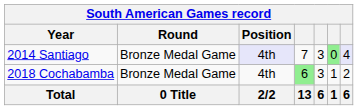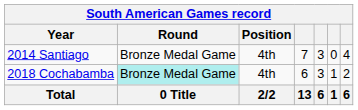 <table class="wikitable" style="text-align: center;">
 <tr>
 <th colspan=10><a href='#'>South American Games record</a></th>
 </tr>
 <tr>
 <th>Year</th>
 <th>Round</th>
 <th>Position</th>
 <th></th>
 <th></th>
 <th></th>
 <th></th>
 </tr>
 <tr>
 <td align=left> <a href='#'>2014 Santiago</a></td>
 <td>Bronze Medal Game</td>
-<td style="background: lavender;">4th</td>
+<td>4th</td>
 <td>7</td>
 <td>3</td>
-<td style="background: lightgreen;">0</td>
-<td style="background: lavender;">4</td>
+<td>0</td>
+<td>4</td>
 </tr>
 <tr>
 <td align=left> <a href='#'>2018 Cochabamba</a></td>
-<td>Bronze Medal Game</td>
+<td style="background: paleturquoise;">Bronze Medal Game</td>
 <td>4th</td>
-<td style="background: lightgreen;">6</td>
+<td>6</td>
 <td>3</td>
 <td>1</td>
 <td>2</td>
 </tr>
 <tr>
 <th>Total</th>
 <th>0 Title</th>
 <th>2/2</th>
 <th>13</th>
 <th>6</th>
 <th>1</th>
 <th>6</th>
 </tr>
 </table>
